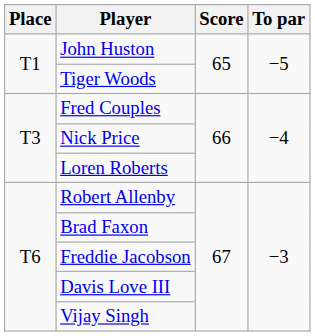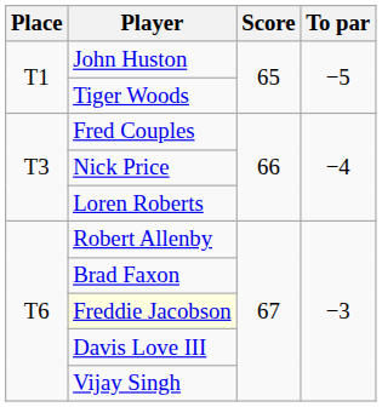 <table class="wikitable">
 <tr>
 <th>Place</th>
 <th>Player</th>
 <th>Score</th>
 <th>To par</th>
 </tr>
 <tr>
 <td rowspan="2" align=center>T1</td>
 <td> <a href='#'>John Huston</a></td>
 <td rowspan="2" align=center>65</td>
 <td rowspan="2" align=center>−5</td>
 </tr>
 <tr>
 <td> <a href='#'>Tiger Woods</a></td>
 </tr>
 <tr>
 <td rowspan="3" align=center>T3</td>
 <td> <a href='#'>Fred Couples</a></td>
 <td rowspan="3" align=center>66</td>
 <td rowspan="3" align=center>−4</td>
 </tr>
 <tr>
 <td> <a href='#'>Nick Price</a></td>
 </tr>
 <tr>
 <td> <a href='#'>Loren Roberts</a></td>
 </tr>
 <tr>
 <td rowspan="5" align=center>T6</td>
 <td> <a href='#'>Robert Allenby</a></td>
 <td rowspan="5" align=center>67</td>
 <td rowspan="5" align=center>−3</td>
 </tr>
 <tr>
 <td> <a href='#'>Brad Faxon</a></td>
 </tr>
 <tr>
-<td> <a href='#'>Freddie Jacobson</a></td>
+<td style="background: lightyellow;"> <a href='#'>Freddie Jacobson</a></td>
 </tr>
 <tr>
 <td> <a href='#'>Davis Love III</a></td>
 </tr>
 <tr>
 <td> <a href='#'>Vijay Singh</a></td>
 </tr>
 </table>
